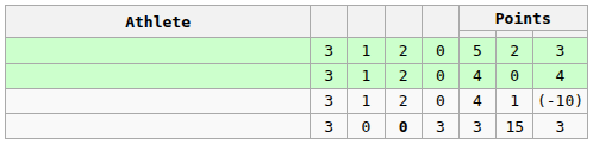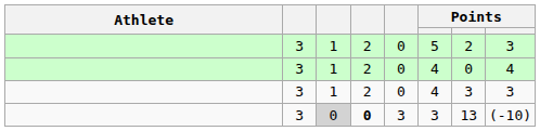 <table class="wikitable" style="text-align: center; font-size:100% ">
 <tr>
 <th rowspan=2 width=250>Athlete</th>
 <th rowspan=2 width=25></th>
 <th rowspan=2 width=25></th>
 <th rowspan=2 width=25></th>
 <th rowspan=2 width=25></th>
 <th colspan=3>Points</th>
 </tr>
 <tr>
 <th width=25></th>
 <th width=25></th>
 <th width=25></th>
 </tr>
 <tr bgcolor="ccffcc">
 <td align=left></td>
 <td>3</td>
 <td>1</td>
 <td>2</td>
 <td>0</td>
 <td>5</td>
 <td>2</td>
 <td>3</td>
 </tr>
 <tr bgcolor="ccffcc">
 <td align=left></td>
 <td>3</td>
 <td>1</td>
 <td>2</td>
 <td>0</td>
 <td>4</td>
 <td>0</td>
 <td>4</td>
 </tr>
 <tr>
 <td align=left></td>
 <td>3</td>
 <td>1</td>
 <td>2</td>
 <td>0</td>
 <td>4</td>
-<td>1</td>
-<td>(-10)</td>
+<td>3</td>
+<td>3</td>
 </tr>
 <tr>
 <td align=left></td>
 <td>3</td>
-<td>0</td>
+<td style="background: lightgrey;">0</td>
 <td><strong>0</strong></td>
 <td>3</td>
 <td>3</td>
-<td>15</td>
-<td>3</td>
+<td>13</td>
+<td>(-10)</td>
 </tr>
 </table>
